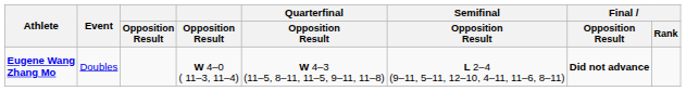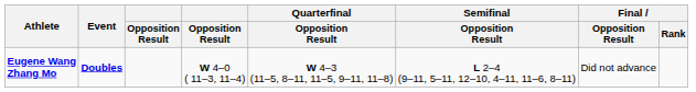 <table class=wikitable style=font-size:90%;text-align:center>
 <tr>
 <th rowspan=2>Athlete</th>
 <th rowspan=2>Event</th>
 <th></th>
 <th></th>
 <th>Quarterfinal</th>
 <th>Semifinal</th>
 <th colspan=2>Final / </th>
 </tr>
 <tr style=font-size:95%>
 <th>Opposition<br>Result</th>
 <th>Opposition<br>Result</th>
 <th>Opposition<br>Result</th>
 <th>Opposition<br>Result</th>
 <th>Opposition<br>Result</th>
 <th>Rank</th>
 </tr>
 <tr>
 <td align=left><strong><a href='#'>Eugene Wang</a><br><a href='#'>Zhang Mo</a></strong></td>
-<td align=left><a href='#'>Doubles</a></td>
+<td align=left><strong><a href='#'>Doubles</a></strong></td>
 <td></td>
 <td><br><strong>W</strong> 4–0<br>( 11–3, 11–4)</td>
 <td><br><strong>W</strong> 4–3<br>(11–5, 8–11,  11–5, 9–11, 11–8)</td>
 <td><br><strong>L</strong>  2–4<br>(9–11, 5–11, 12–10, 4–11, 11–6, 8–11)</td>
-<td><strong>Did not advance</strong></td>
+<td>Did not advance</td>
 <td></td>
 </tr>
 </table>
